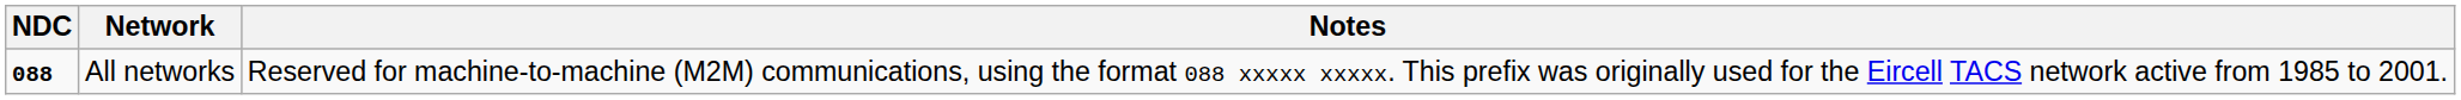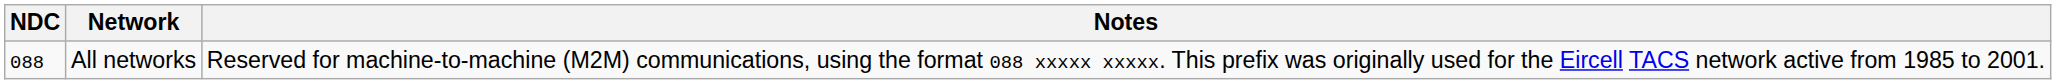 <table class="wikitable">
 <tr>
 <th>NDC</th>
 <th>Network</th>
 <th>Notes</th>
 </tr>
 <tr>
-<td><strong><code>088</code></strong></td>
+<td><code>088</code></td>
 <td>All networks</td>
 <td>Reserved for machine-to-machine (M2M) communications, using the format <code>088 xxxxx xxxxx</code>. This prefix was originally used for the <a href='#'>Eircell</a> <a href='#'>TACS</a> network active from 1985 to 2001.</td>
 </tr>
 </table>
